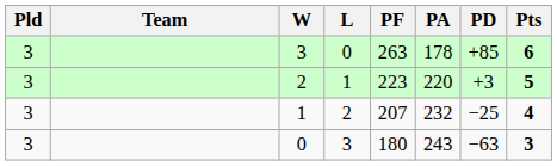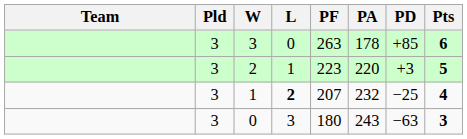 <table class=wikitable style="text-align:center">
 <tr>
+<th width=180>Team</th>
 <th width=30>Pld</th>
-<th width=180>Team</th>
 <th width=30>W</th>
 <th width=30>L</th>
 <th width=30>PF</th>
 <th width=30>PA</th>
 <th width=30>PD</th>
 <th width=30>Pts</th>
 </tr>
 <tr bgcolor="#ccffcc">
+<td align="left"></td>
 <td>3</td>
-<td align="left"></td>
 <td>3</td>
 <td>0</td>
 <td>263</td>
 <td>178</td>
 <td>+85</td>
 <td><strong>6</strong></td>
 </tr>
 <tr bgcolor="#ccffcc">
+<td align="left"></td>
 <td>3</td>
-<td align="left"></td>
 <td>2</td>
 <td>1</td>
 <td>223</td>
 <td>220</td>
 <td>+3</td>
 <td><strong>5</strong></td>
 </tr>
 <tr>
+<td align="left"></td>
 <td>3</td>
-<td align="left"></td>
 <td>1</td>
-<td>2</td>
+<td><strong>2</strong></td>
 <td>207</td>
 <td>232</td>
 <td>−25</td>
 <td><strong>4</strong></td>
 </tr>
 <tr>
+<td align="left"></td>
 <td>3</td>
-<td align="left"></td>
 <td>0</td>
 <td>3</td>
 <td>180</td>
 <td>243</td>
 <td>−63</td>
 <td><strong>3</strong></td>
 </tr>
 </table>
